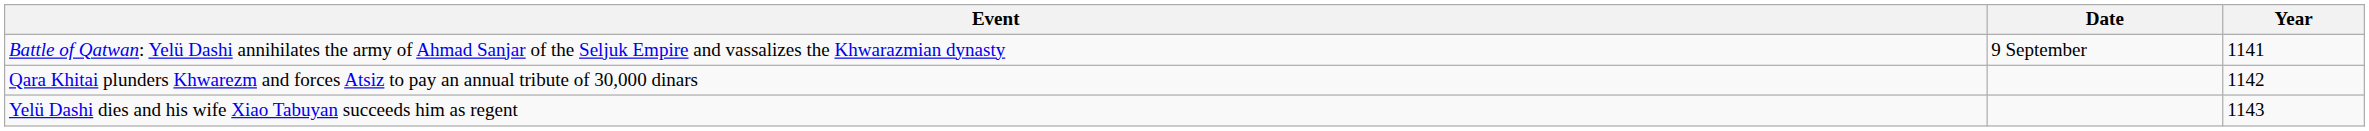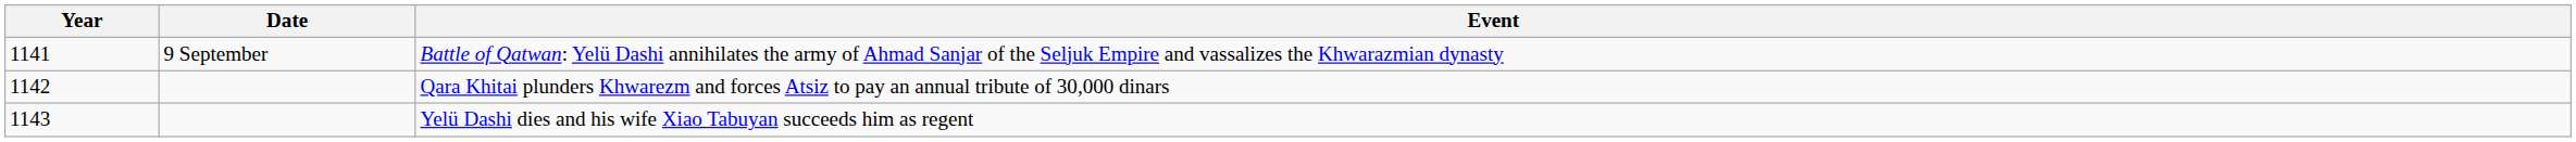 <table class="wikitable" width="100%">
 <tr>
+<th style="width:6%">Year</th>
+<th style="width:10%">Date</th>
 <th>Event</th>
-<th style="width:10%">Date</th>
-<th style="width:6%">Year</th>
 </tr>
 <tr>
+<td>1141</td>
+<td>9 September</td>
 <td><em><a href='#'>Battle of Qatwan</a></em>: <a href='#'>Yelü Dashi</a> annihilates the army of <a href='#'>Ahmad Sanjar</a> of the <a href='#'>Seljuk Empire</a> and vassalizes the <a href='#'>Khwarazmian dynasty</a></td>
-<td>9 September</td>
-<td>1141</td>
 </tr>
 <tr>
+<td>1142</td>
+<td></td>
 <td><a href='#'>Qara Khitai</a> plunders <a href='#'>Khwarezm</a> and forces <a href='#'>Atsiz</a> to pay an annual tribute of 30,000 dinars</td>
-<td></td>
-<td>1142</td>
 </tr>
 <tr>
+<td>1143</td>
+<td></td>
 <td><a href='#'>Yelü Dashi</a> dies and his wife <a href='#'>Xiao Tabuyan</a> succeeds him as regent</td>
-<td></td>
-<td>1143</td>
 </tr>
 </table>
